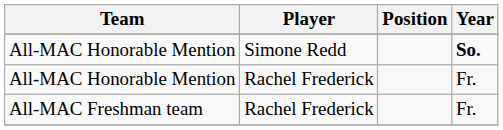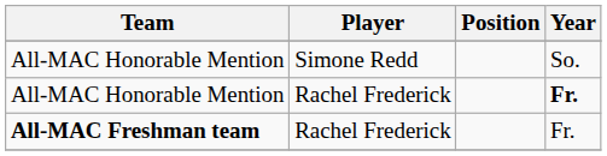 <table class="wikitable" border="1">
 <tr align=center>
 <th style= >Team</th>
 <th style= >Player</th>
 <th style= >Position</th>
 <th style= >Year</th>
 </tr>
 <tr align="center">
 </tr>
 <tr>
 <td>All-MAC Honorable Mention</td>
 <td>Simone Redd</td>
 <td></td>
-<td><strong>So.</strong></td>
+<td>So.</td>
 </tr>
 <tr>
 <td>All-MAC Honorable Mention</td>
 <td>Rachel Frederick</td>
 <td></td>
-<td>Fr.</td>
+<td><strong>Fr.</strong></td>
 </tr>
 <tr>
-<td>All-MAC Freshman team</td>
+<td><strong>All-MAC Freshman team</strong></td>
 <td>Rachel Frederick</td>
 <td></td>
 <td>Fr.</td>
 </tr>
 <tr>
 </tr>
 </table>
